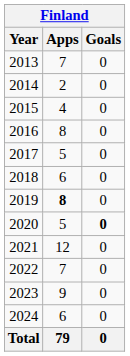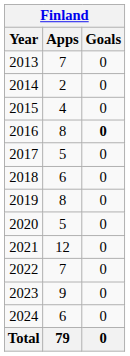 <table class=wikitable style=text-align:center>
 <tr>
 <th colspan=4><a href='#'>Finland</a></th>
 </tr>
 <tr>
 <th>Year</th>
 <th>Apps</th>
 <th>Goals</th>
 </tr>
 <tr>
 <td>2013</td>
 <td>7</td>
 <td>0</td>
 </tr>
 <tr>
 <td>2014</td>
 <td>2</td>
 <td>0</td>
 </tr>
 <tr>
 <td>2015</td>
 <td>4</td>
 <td>0</td>
 </tr>
 <tr>
 <td>2016</td>
 <td>8</td>
-<td>0</td>
+<td><strong>0</strong></td>
 </tr>
 <tr>
 <td>2017</td>
 <td>5</td>
 <td>0</td>
 </tr>
 <tr>
 <td>2018</td>
 <td>6</td>
 <td>0</td>
 </tr>
 <tr>
 <td>2019</td>
-<td><strong>8</strong></td>
+<td>8</td>
 <td>0</td>
 </tr>
 <tr>
 <td>2020</td>
 <td>5</td>
-<td><strong>0</strong></td>
+<td>0</td>
 </tr>
 <tr>
 <td>2021</td>
 <td>12</td>
 <td>0</td>
 </tr>
 <tr>
 <td>2022</td>
 <td>7</td>
 <td>0</td>
 </tr>
 <tr>
 <td>2023</td>
 <td>9</td>
 <td>0</td>
 </tr>
 <tr>
 <td>2024</td>
 <td>6</td>
 <td>0</td>
 </tr>
 <tr>
 <th colspan=1>Total</th>
 <th>79</th>
 <th>0</th>
 </tr>
 </table>
